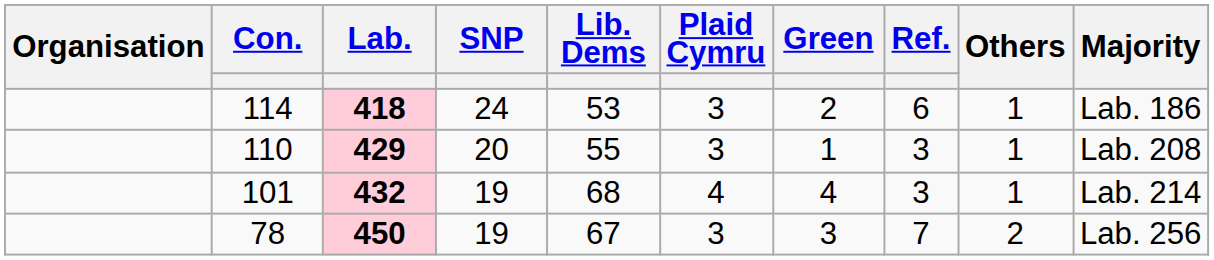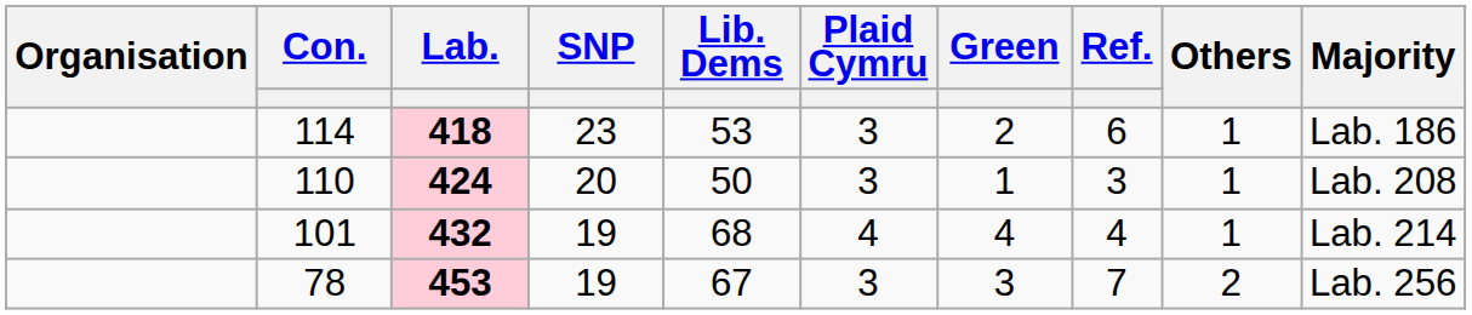 <table class="wikitable sortable mw-datatable" style="text-align:center;  line-height:14px;">
 <tr>
 <th rowspan="2">Organisation</th>
 <th class="unsortable" style="width:50px;"><a href='#'>Con.</a></th>
 <th class="unsortable" style="width:50px;"><a href='#'>Lab.</a></th>
 <th class="unsortable" style="width:50px;"><a href='#'>SNP</a></th>
 <th class="unsortable" style="width:50px;"><a href='#'>Lib. Dems</a></th>
 <th class="unsortable" style="width:50px;"><a href='#'>Plaid Cymru</a></th>
 <th class="unsortable" style="width:50px;"><a href='#'>Green</a></th>
 <th class="unsortable"><a href='#'>Ref.</a></th>
 <th rowspan="2" class="unsortable">Others</th>
 <th rowspan="2" data-sort-type="number">Majority</th>
 </tr>
 <tr>
 <th data-sort-type="number" style="background:"></th>
 <th data-sort-type="number" style="background:"></th>
 <th data-sort-type="number" style="background:"></th>
 <th data-sort-type="number" style="background:"></th>
 <th data-sort-type="number" style="background:"></th>
 <th data-sort-type="number" style="background:"></th>
 <th data-sort-type="number" style="background:"></th>
 </tr>
 <tr>
 <td></td>
 <td>114</td>
 <td style="background:#ffccd9;"><strong>418</strong></td>
-<td>24</td>
+<td>23</td>
 <td>53</td>
 <td>3</td>
 <td>2</td>
 <td>6</td>
 <td>1</td>
 <td style="background:">Lab. 186</td>
 </tr>
 <tr>
 <td></td>
 <td>110</td>
-<td style="background:#ffccd9;"><strong>429</strong></td>
+<td style="background:#ffccd9;"><strong>424</strong></td>
 <td>20</td>
-<td>55</td>
+<td>50</td>
 <td>3</td>
 <td>1</td>
 <td>3</td>
 <td>1</td>
 <td style="background:">Lab. 208</td>
 </tr>
 <tr>
 <td></td>
 <td>101</td>
 <td style="background:#ffccd9;"><strong>432</strong></td>
 <td>19</td>
 <td>68</td>
 <td>4</td>
 <td>4</td>
-<td>3</td>
+<td>4</td>
 <td>1</td>
 <td style="background:">Lab. 214</td>
 </tr>
 <tr>
 <td></td>
 <td>78</td>
-<td style="background:#ffccd9;"><strong>450</strong></td>
+<td style="background:#ffccd9;"><strong>453</strong></td>
 <td>19</td>
 <td>67</td>
 <td>3</td>
 <td>3</td>
 <td>7</td>
 <td>2</td>
 <td style="background:">Lab. 256</td>
 </tr>
 </table>
